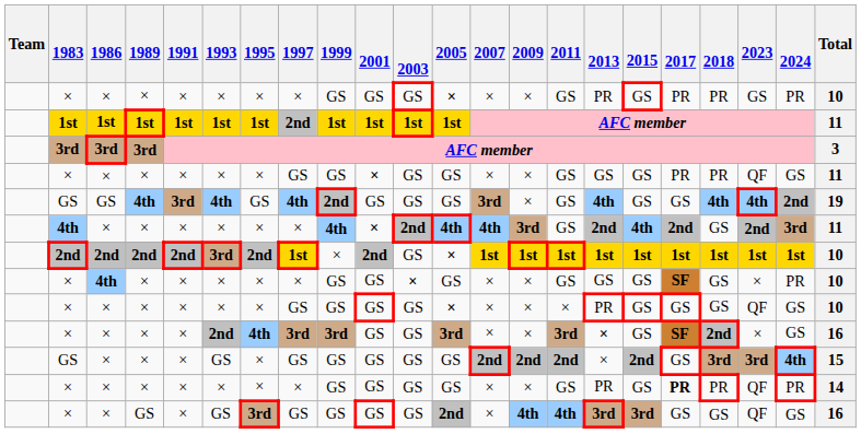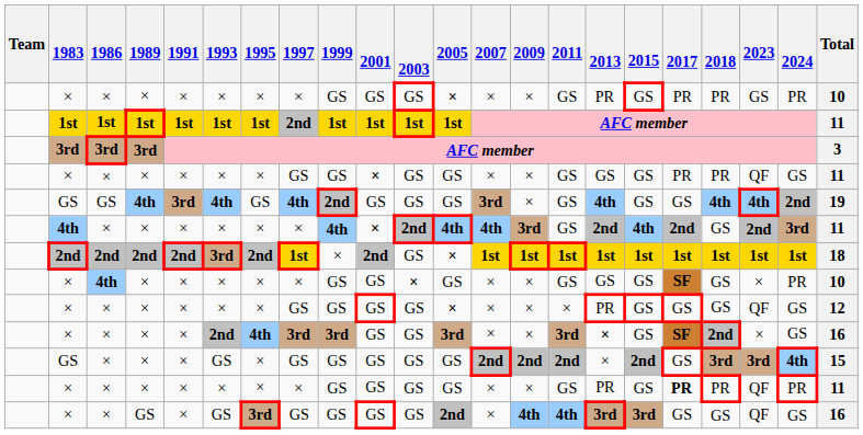 <table class="wikitable" style="text-align:center">
 <tr>
 <th>Team</th>
 <th><br><a href='#'>1983</a></th>
 <th><br><a href='#'>1986</a></th>
 <th><br><a href='#'>1989</a></th>
 <th><br><a href='#'>1991</a></th>
 <th><br><a href='#'>1993</a></th>
 <th><br><a href='#'>1995</a></th>
 <th><br><a href='#'>1997</a></th>
 <th><br><a href='#'>1999</a></th>
 <th><br><br><a href='#'>2001</a></th>
 <th><br><br><br><a href='#'>2003</a></th>
 <th><br><a href='#'>2005</a></th>
 <th><br><a href='#'>2007</a></th>
 <th><br><a href='#'>2009</a></th>
 <th><br><a href='#'>2011</a></th>
 <th><br><br><a href='#'>2013</a></th>
 <th><br><br><a href='#'>2015</a></th>
 <th><br><br><a href='#'>2017</a></th>
 <th><br><br><a href='#'>2018</a></th>
 <th><br><a href='#'>2023</a></th>
 <th><br><br><a href='#'>2024</a></th>
 <th>Total</th>
 </tr>
 <tr>
 <td align=left></td>
 <td>×</td>
 <td>×</td>
 <td>×</td>
 <td>×</td>
 <td>×</td>
 <td>×</td>
 <td>×</td>
 <td>GS</td>
 <td>GS</td>
 <td style="border: 3px solid red">GS</td>
 <td><strong>×</strong></td>
 <td>×</td>
 <td>×</td>
 <td>GS</td>
 <td>PR</td>
 <td style="border: 3px solid red">GS</td>
 <td>PR</td>
 <td>PR</td>
 <td>GS</td>
 <td>PR</td>
 <th><strong>10</strong></th>
 </tr>
 <tr>
 <td align=left></td>
 <td bgcolor="gold"><strong>1st</strong></td>
 <td bgcolor="gold"><strong>1st</strong></td>
 <td style="border: 3px solid red" bgcolor="gold"><strong>1st</strong></td>
 <td bgcolor="gold"><strong>1st</strong></td>
 <td bgcolor="gold"><strong>1st</strong></td>
 <td bgcolor="gold"><strong>1st</strong></td>
 <td bgcolor="silver"><strong>2nd</strong></td>
 <td bgcolor="gold"><strong>1st</strong></td>
 <td bgcolor="gold"><strong>1st</strong></td>
 <td style="border: 3px solid red" bgcolor="gold"><strong>1st</strong></td>
 <td bgcolor="gold"><strong>1st</strong></td>
 <td colspan="9" bgcolor=pink><strong><em><a href='#'>AFC</a> member</em></strong></td>
 <th><strong>11</strong></th>
 </tr>
 <tr>
 <td align=left></td>
 <td bgcolor="#CFAA88"><strong>3rd</strong></td>
 <td style="border: 3px solid red" bgcolor="#CFAA88"><strong>3rd</strong></td>
 <td bgcolor="#CFAA88"><strong>3rd</strong></td>
 <td colspan="17" bgcolor=pink><strong><em><a href='#'>AFC</a> member</em></strong></td>
 <th><strong>3</strong></th>
 </tr>
 <tr>
 <td align=left></td>
 <td>×</td>
 <td>×</td>
 <td>×</td>
 <td>×</td>
 <td>×</td>
 <td>×</td>
 <td>GS</td>
 <td>GS</td>
 <td><strong>×</strong></td>
 <td>GS</td>
 <td>GS</td>
 <td>×</td>
 <td>×</td>
 <td>GS</td>
 <td>GS</td>
 <td>GS</td>
 <td>PR</td>
 <td>PR</td>
 <td>QF</td>
 <td>GS</td>
 <th><strong>11</strong></th>
 </tr>
 <tr>
 <td align=left></td>
 <td>GS</td>
 <td>GS</td>
 <td bgcolor="#9acdff"><strong>4th</strong></td>
 <td bgcolor="#CFAA88"><strong>3rd</strong></td>
 <td bgcolor="#9acdff"><strong>4th</strong></td>
 <td>GS</td>
 <td bgcolor="#9acdff"><strong>4th</strong></td>
 <td style="border: 3px solid red" bgcolor="silver"><strong>2nd</strong></td>
 <td>GS</td>
 <td>GS</td>
 <td>GS</td>
 <td bgcolor="#CFAA88"><strong>3rd</strong></td>
 <td>×</td>
 <td>GS</td>
 <td bgcolor="#9acdff"><strong>4th</strong></td>
 <td>GS</td>
 <td>GS</td>
 <td bgcolor="#9acdff"><strong>4th</strong></td>
 <td style="border: 3px solid red" bgcolor="#9acdff"><strong>4th</strong></td>
 <td bgcolor="silver"><strong>2nd</strong></td>
 <th><strong>19</strong></th>
 </tr>
 <tr>
 <td align=left></td>
 <td bgcolor="#9acdff"><strong>4th</strong></td>
 <td>×</td>
 <td>×</td>
 <td>×</td>
 <td>×</td>
 <td>×</td>
 <td>×</td>
 <td bgcolor="#9acdff"><strong>4th</strong></td>
 <td><strong>×</strong></td>
 <td style="border: 3px solid red" bgcolor="silver"><strong>2nd</strong></td>
 <td style="border: 3px solid red" bgcolor="#9acdff"><strong>4th</strong></td>
 <td bgcolor="#9acdff"><strong>4th</strong></td>
 <td bgcolor="#CFAA88"><strong>3rd</strong></td>
 <td>GS</td>
 <td bgcolor="silver"><strong>2nd</strong></td>
 <td bgcolor="#9acdff"><strong>4th</strong></td>
 <td bgcolor="silver"><strong>2nd</strong></td>
 <td>GS</td>
 <td bgcolor="silver"><strong>2nd</strong></td>
 <td bgcolor="#CFAA88"><strong>3rd</strong></td>
 <th><strong>11</strong></th>
 </tr>
 <tr>
 <td align=left></td>
 <td style="border: 3px solid red" bgcolor="silver"><strong>2nd</strong></td>
 <td bgcolor="silver"><strong>2nd</strong></td>
 <td bgcolor="silver"><strong>2nd</strong></td>
 <td style="border: 3px solid red" bgcolor="silver"><strong>2nd</strong></td>
 <td style="border: 3px solid red" bgcolor="#CFAA88"><strong>3rd</strong></td>
 <td bgcolor="silver"><strong>2nd</strong></td>
 <td style="border: 3px solid red" bgcolor="gold"><strong>1st</strong></td>
 <td>×</td>
 <td bgcolor="silver"><strong>2nd</strong></td>
 <td>GS</td>
 <td><strong>×</strong></td>
 <td bgcolor="gold"><strong>1st</strong></td>
 <td style="border: 3px solid red" bgcolor="gold"><strong>1st</strong></td>
 <td style="border: 3px solid red" bgcolor="gold"><strong>1st</strong></td>
 <td bgcolor="gold"><strong>1st</strong></td>
 <td bgcolor="gold"><strong>1st</strong></td>
 <td bgcolor="gold"><strong>1st</strong></td>
 <td bgcolor="gold"><strong>1st</strong></td>
 <td bgcolor="gold"><strong>1st</strong></td>
 <td bgcolor="gold"><strong>1st</strong></td>
-<th><strong>10</strong></th>
+<th><strong>18</strong></th>
 </tr>
 <tr>
 <td align=left></td>
 <td>×</td>
 <td bgcolor="#9acdff"><strong>4th</strong></td>
 <td>×</td>
 <td>×</td>
 <td>×</td>
 <td>×</td>
 <td>×</td>
 <td>GS</td>
 <td>GS</td>
 <td><strong>×</strong></td>
 <td>GS</td>
 <td>×</td>
 <td>×</td>
 <td>GS</td>
 <td>GS</td>
 <td>GS</td>
 <td bgcolor="#cd7f32"><strong>SF</strong></td>
 <td>GS</td>
 <td>×</td>
 <td>PR</td>
 <th><strong>10</strong></th>
 </tr>
 <tr>
 <td align=left></td>
 <td>×</td>
 <td>×</td>
 <td>×</td>
 <td>×</td>
 <td>×</td>
 <td>×</td>
 <td>GS</td>
 <td>GS</td>
 <td style="border: 3px solid red">GS</td>
 <td>GS</td>
 <td><strong>×</strong></td>
 <td>×</td>
 <td>×</td>
 <td>×</td>
 <td style="border: 3px solid red">PR</td>
 <td style="border: 3px solid red">GS</td>
 <td style="border: 3px solid red">GS</td>
 <td>GS</td>
 <td>QF</td>
 <td>GS</td>
-<th><strong>10</strong></th>
+<th><strong>12</strong></th>
 </tr>
 <tr>
 <td align=left></td>
 <td>×</td>
 <td>×</td>
 <td>×</td>
 <td>×</td>
 <td bgcolor="silver"><strong>2nd</strong></td>
 <td bgcolor="#9acdff"><strong>4th</strong></td>
 <td bgcolor="#CFAA88"><strong>3rd</strong></td>
 <td bgcolor="#CFAA88"><strong>3rd</strong></td>
 <td>GS</td>
 <td>GS</td>
 <td bgcolor="#CFAA88"><strong>3rd</strong></td>
 <td>×</td>
 <td>×</td>
 <td bgcolor="#CFAA88"><strong>3rd</strong></td>
 <td><strong>×</strong></td>
 <td>GS</td>
 <td bgcolor="#cd7f32"><strong>SF</strong></td>
 <td style="border: 3px solid red" bgcolor="silver"><strong>2nd</strong></td>
 <td>×</td>
 <td>GS</td>
 <th><strong>16</strong></th>
 </tr>
 <tr>
 <td align=left></td>
 <td>GS</td>
 <td>×</td>
 <td>×</td>
 <td>×</td>
 <td>GS</td>
 <td>×</td>
 <td>GS</td>
 <td>GS</td>
 <td>GS</td>
 <td>GS</td>
 <td>GS</td>
 <td style="border: 3px solid red" bgcolor="silver"><strong>2nd</strong></td>
 <td bgcolor="silver"><strong>2nd</strong></td>
 <td bgcolor="silver"><strong>2nd</strong></td>
 <td>×</td>
 <td bgcolor="silver"><strong>2nd</strong></td>
 <td style="border: 3px solid red">GS</td>
 <td bgcolor="#CFAA88"><strong>3rd</strong></td>
 <td bgcolor="#CFAA88"><strong>3rd</strong></td>
 <td style="border: 3px solid red" bgcolor="#9acdff"><strong>4th</strong></td>
 <th><strong>15</strong></th>
 </tr>
 <tr>
 <td align=left></td>
 <td>×</td>
 <td>×</td>
 <td>×</td>
 <td>×</td>
 <td>×</td>
 <td>×</td>
 <td>×</td>
 <td>GS</td>
 <td>GS</td>
 <td>GS</td>
 <td>GS</td>
 <td>×</td>
 <td>×</td>
 <td>GS</td>
 <td>PR</td>
 <td>GS</td>
 <td><strong>PR</strong></td>
 <td style="border: 3px solid red">PR</td>
 <td>QF</td>
 <td style="border: 3px solid red">PR</td>
-<th><strong>14</strong></th>
+<th><strong>11</strong></th>
 </tr>
 <tr>
 <td align=left></td>
 <td>×</td>
 <td>×</td>
 <td>GS</td>
 <td>×</td>
 <td>GS</td>
 <td style="border: 3px solid red" bgcolor="#CFAA88"><strong>3rd</strong></td>
 <td>GS</td>
 <td>GS</td>
 <td style="border: 3px solid red">GS</td>
 <td>GS</td>
 <td bgcolor="silver"><strong>2nd</strong></td>
 <td>×</td>
 <td bgcolor="#9acdff"><strong>4th</strong></td>
 <td bgcolor="#9acdff"><strong>4th</strong></td>
 <td style="border: 3px solid red" bgcolor="#CFAA88"><strong>3rd</strong></td>
 <td bgcolor="#CFAA88"><strong>3rd</strong></td>
 <td>GS</td>
 <td>GS</td>
 <td>QF</td>
 <td>GS</td>
 <th><strong>16</strong></th>
 </tr>
 </table>
